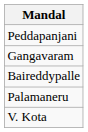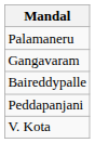 <table class="wikitable sortable static-row-numbers static-row-header-hash">
 <tr>
 <th>Mandal</th>
 </tr>
 <tr>
-<td>Peddapanjani</td>
+<td>Palamaneru</td>
 </tr>
 <tr>
 <td>Gangavaram</td>
 </tr>
 <tr>
 <td>Baireddypalle</td>
 </tr>
 <tr>
-<td>Palamaneru</td>
+<td>Peddapanjani</td>
 </tr>
 <tr>
 <td>V. Kota</td>
 </tr>
 </table>
